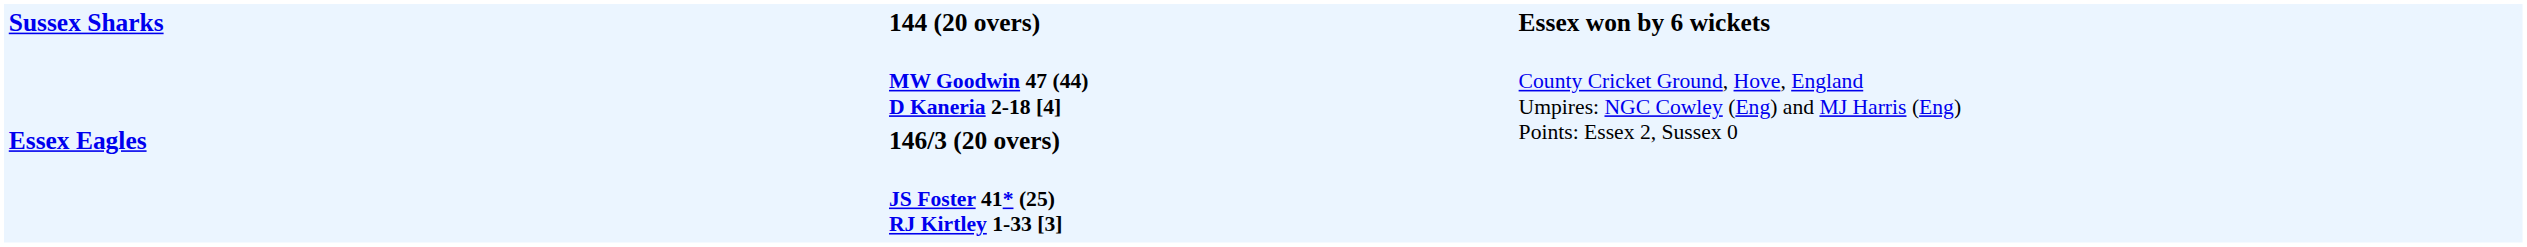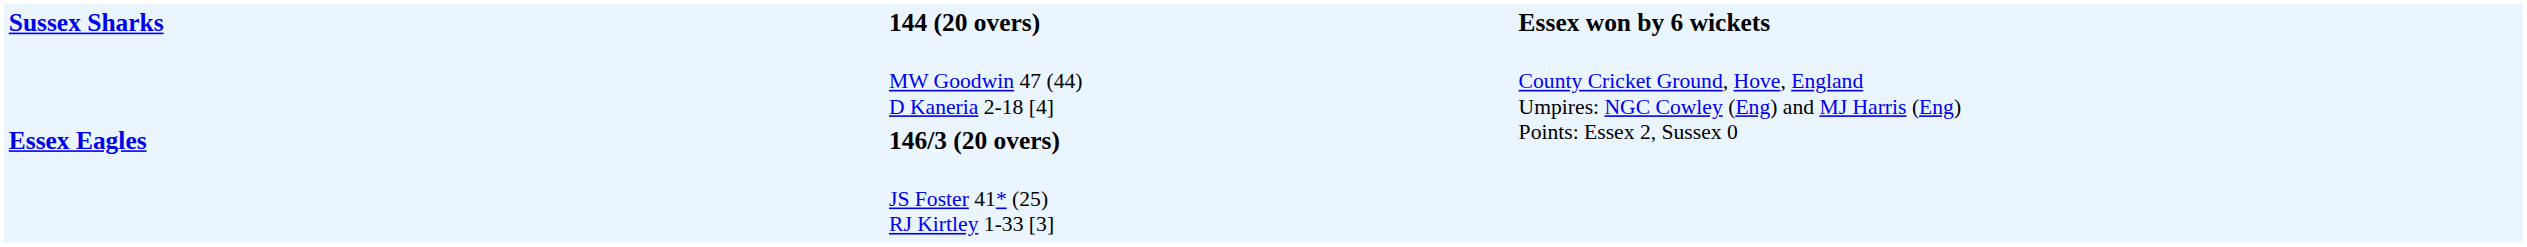 <table style="width:100%; background:#ebf5ff;">
 <tr>
 <td style="width:35%; vertical-align:top;" rowspan="2"><strong><a href='#'>Sussex Sharks</a></strong></td>
 <td style="width:25%;"><strong>144 (20 overs)</strong></td>
 <td style="width:40%;"><strong>Essex won by 6 wickets</strong></td>
 </tr>
 <tr>
-<td style="font-size: 85%;"><strong><br><a href='#'>MW Goodwin</a> 47 (44)<br> <a href='#'>D Kaneria</a> 2-18 [4]</strong></td>
+<td style="font-size: 85%;"><br><a href='#'>MW Goodwin</a> 47 (44)<br> <a href='#'>D Kaneria</a> 2-18 [4]</td>
 <td style="vertical-align:top; font-size:85%;" rowspan="3"><br><a href='#'>County Cricket Ground</a>, <a href='#'>Hove</a>, <a href='#'>England</a><br> Umpires: <a href='#'>NGC Cowley</a> (<a href='#'>Eng</a>) and <a href='#'>MJ Harris</a> (<a href='#'>Eng</a>)<br> Points: Essex 2, Sussex 0</td>
 </tr>
 <tr>
 <td style="vertical-align:top;" rowspan="2"><strong><a href='#'>Essex Eagles</a></strong></td>
 <td><strong>146/3 (20 overs)</strong></td>
 </tr>
 <tr>
-<td style="font-size: 85%;"><strong><br><a href='#'>JS Foster</a> 41<a href='#'>*</a> (25)<br> <a href='#'>RJ Kirtley</a> 1-33 [3]</strong></td>
+<td style="font-size: 85%;"><br><a href='#'>JS Foster</a> 41<a href='#'>*</a> (25)<br> <a href='#'>RJ Kirtley</a> 1-33 [3]</td>
 </tr>
 </table>
